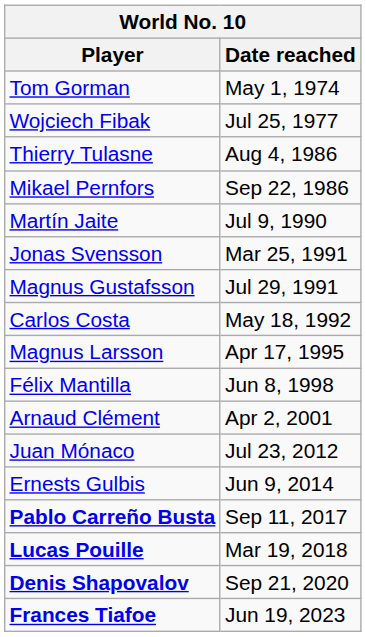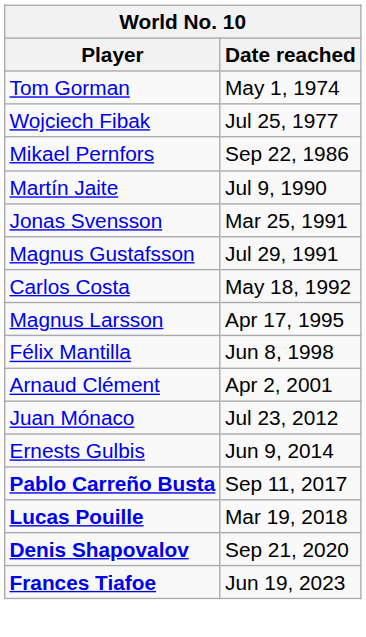 <table class="wikitable nowrap" style="display:inline-table; font-size:95%">
 <tr>
 <th colspan="2">World No. 10</th>
 </tr>
 <tr>
 <th>Player</th>
 <th>Date reached</th>
 </tr>
 <tr>
 <td> <a href='#'>Tom Gorman</a></td>
 <td>May 1, 1974</td>
 </tr>
 <tr>
 <td> <a href='#'>Wojciech Fibak</a></td>
 <td>Jul 25, 1977</td>
-</tr>
-<tr>
-<td> <a href='#'>Thierry Tulasne</a></td>
-<td>Aug 4, 1986</td>
 </tr>
 <tr>
 <td> <a href='#'>Mikael Pernfors</a></td>
 <td>Sep 22, 1986</td>
 </tr>
 <tr>
 <td> <a href='#'>Martín Jaite</a></td>
 <td>Jul 9, 1990</td>
 </tr>
 <tr>
 <td> <a href='#'>Jonas Svensson</a></td>
 <td>Mar 25, 1991</td>
 </tr>
 <tr>
 <td> <a href='#'>Magnus Gustafsson</a></td>
 <td>Jul 29, 1991</td>
 </tr>
 <tr>
 <td> <a href='#'>Carlos Costa</a></td>
 <td>May 18, 1992</td>
 </tr>
 <tr>
 <td> <a href='#'>Magnus Larsson</a></td>
 <td>Apr 17, 1995</td>
 </tr>
 <tr>
 <td> <a href='#'>Félix Mantilla</a></td>
 <td>Jun 8, 1998</td>
 </tr>
 <tr>
 <td> <a href='#'>Arnaud Clément</a></td>
 <td>Apr 2, 2001</td>
 </tr>
 <tr>
 <td> <a href='#'>Juan Mónaco</a></td>
 <td>Jul 23, 2012</td>
 </tr>
 <tr>
 <td> <a href='#'>Ernests Gulbis</a></td>
 <td>Jun 9, 2014</td>
 </tr>
 <tr>
 <td> <strong><a href='#'>Pablo Carreño Busta</a></strong></td>
 <td>Sep 11, 2017</td>
 </tr>
 <tr>
 <td> <strong><a href='#'>Lucas Pouille</a></strong></td>
 <td>Mar 19, 2018</td>
 </tr>
 <tr>
 <td> <strong><a href='#'>Denis Shapovalov</a></strong></td>
 <td>Sep 21, 2020</td>
 </tr>
 <tr>
 <td> <strong><a href='#'>Frances Tiafoe</a></strong></td>
 <td>Jun 19, 2023</td>
 </tr>
 </table>
